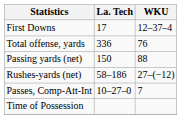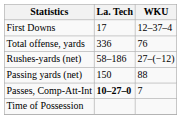 <table class="wikitable">
 <tr>
 <th>Statistics</th>
 <th>La. Tech</th>
 <th>WKU</th>
 </tr>
 <tr>
 <td>First Downs</td>
 <td>17</td>
 <td>12–37–4</td>
 </tr>
 <tr>
 <td>Total offense, yards</td>
 <td>336</td>
 <td>76</td>
 </tr>
 <tr>
+<td>Rushes-yards (net)</td>
+<td>58–186</td>
+<td>27–(−12)</td>
+</tr>
+<tr>
 <td>Passing yards (net)</td>
 <td>150</td>
 <td>88</td>
 </tr>
 <tr>
-<td>Rushes-yards (net)</td>
-<td>58–186</td>
-<td>27–(−12)</td>
-</tr>
-<tr>
 <td>Passes, Comp-Att-Int</td>
-<td>10–27–0</td>
+<td><strong>10–27–0</strong></td>
 <td>7</td>
 </tr>
 <tr>
 <td>Time of Possession</td>
 <td></td>
 <td></td>
 </tr>
 <tr>
 </tr>
 </table>
